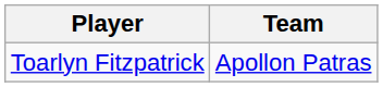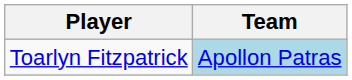 <table class="wikitable">
 <tr>
 <th>Player</th>
 <th>Team</th>
 </tr>
 <tr>
 <td> <a href='#'>Toarlyn Fitzpatrick</a></td>
-<td><a href='#'>Apollon Patras</a></td>
+<td style="background: lightblue;"><a href='#'>Apollon Patras</a></td>
 </tr>
 </table>
